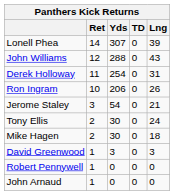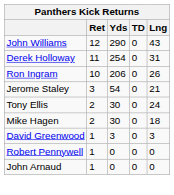 <table class="wikitable">
 <tr>
 <th colspan="5">Panthers Kick Returns</th>
 </tr>
 <tr>
 <th></th>
 <th>Ret</th>
 <th>Yds</th>
 <th>TD</th>
 <th>Lng</th>
 </tr>
 <tr>
-<td>Lonell Phea</td>
-<td>14</td>
-<td>307</td>
-<td>0</td>
-<td>39</td>
-</tr>
-<tr>
 <td><a href='#'>John Williams</a></td>
 <td>12</td>
-<td>288</td>
+<td>290</td>
 <td>0</td>
 <td>43</td>
 </tr>
 <tr>
 <td><a href='#'>Derek Holloway</a></td>
 <td>11</td>
 <td>254</td>
 <td>0</td>
 <td>31</td>
 </tr>
 <tr>
 <td><a href='#'>Ron Ingram</a></td>
 <td>10</td>
 <td>206</td>
 <td>0</td>
 <td>26</td>
 </tr>
 <tr>
 <td>Jerome Staley</td>
 <td>3</td>
 <td>54</td>
 <td>0</td>
 <td>21</td>
 </tr>
 <tr>
 <td>Tony Ellis</td>
 <td>2</td>
 <td>30</td>
 <td>0</td>
 <td>24</td>
 </tr>
 <tr>
 <td>Mike Hagen</td>
 <td>2</td>
 <td>30</td>
 <td>0</td>
 <td>18</td>
 </tr>
 <tr>
 <td><a href='#'>David Greenwood</a></td>
 <td>1</td>
 <td>3</td>
 <td>0</td>
 <td>3</td>
 </tr>
 <tr>
 <td><a href='#'>Robert Pennywell</a></td>
 <td>1</td>
 <td>0</td>
 <td>0</td>
 <td>0</td>
 </tr>
 <tr>
 <td>John Arnaud</td>
 <td>1</td>
 <td>0</td>
 <td>0</td>
 <td>0</td>
 </tr>
 </table>
